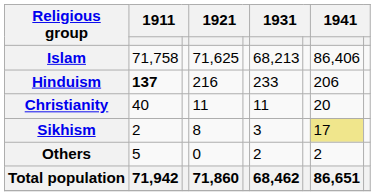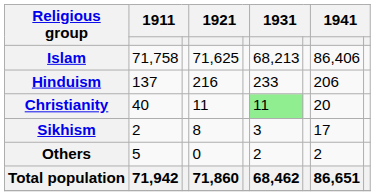 <table class="wikitable sortable">
 <tr>
 <th rowspan="2"><a href='#'>Religious</a><br>group</th>
 <th colspan="2">1911</th>
 <th colspan="2">1921</th>
 <th colspan="2">1931</th>
 <th colspan="2">1941</th>
 </tr>
 <tr>
 <th><a href='#'></a></th>
 <th></th>
 <th></th>
 <th></th>
 <th></th>
 <th></th>
 <th></th>
 <th></th>
 </tr>
 <tr>
 <th><a href='#'>Islam</a> </th>
 <td>71,758</td>
 <td></td>
 <td>71,625</td>
 <td></td>
 <td>68,213</td>
 <td></td>
 <td>86,406</td>
 <td></td>
 </tr>
 <tr>
 <th><a href='#'>Hinduism</a> </th>
-<td><strong>137</strong></td>
+<td>137</td>
 <td></td>
 <td>216</td>
 <td></td>
 <td>233</td>
 <td></td>
 <td>206</td>
 <td></td>
 </tr>
 <tr>
 <th><a href='#'>Christianity</a> </th>
 <td>40</td>
 <td></td>
 <td>11</td>
 <td></td>
-<td>11</td>
+<td style="background: lightgreen;">11</td>
 <td></td>
 <td>20</td>
 <td></td>
 </tr>
 <tr>
 <th><a href='#'>Sikhism</a> </th>
 <td>2</td>
 <td></td>
 <td>8</td>
 <td></td>
 <td>3</td>
 <td></td>
-<td style="background: khaki;">17</td>
+<td>17</td>
 <td></td>
 </tr>
 <tr>
 <th>Others</th>
 <td>5</td>
 <td></td>
 <td>0</td>
 <td></td>
 <td>2</td>
 <td></td>
 <td>2</td>
 <td></td>
 </tr>
 <tr>
 <th>Total population</th>
 <th>71,942</th>
 <th></th>
 <th>71,860</th>
 <th></th>
 <th>68,462</th>
 <th></th>
 <th>86,651</th>
 <th></th>
 </tr>
 <tr class="sortbottom">
 </tr>
 </table>
